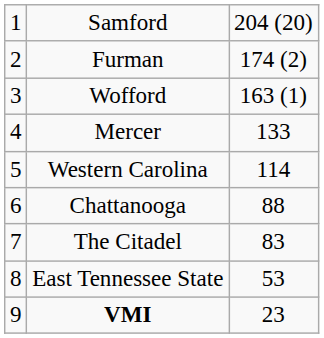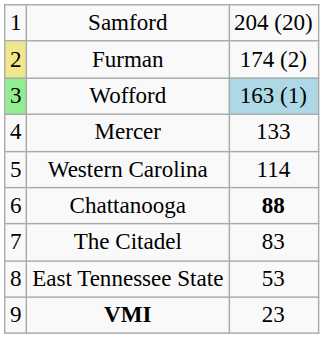 <table class="wikitable" style="display: inline-table;">
 <tr align="center">
 <td>1</td>
 <td>Samford</td>
 <td>204 (20)</td>
 </tr>
 <tr align="center">
-<td>2</td>
+<td style="background: khaki;">2</td>
 <td>Furman</td>
 <td>174 (2)</td>
 </tr>
 <tr align="center">
-<td>3</td>
+<td style="background: lightgreen;">3</td>
 <td>Wofford</td>
-<td>163 (1)</td>
+<td style="background: lightblue;">163 (1)</td>
 </tr>
 <tr align="center">
 <td>4</td>
 <td>Mercer</td>
 <td>133</td>
 </tr>
 <tr align="center">
 <td>5</td>
 <td>Western Carolina</td>
 <td>114</td>
 </tr>
 <tr align="center">
 <td>6</td>
 <td>Chattanooga</td>
-<td>88</td>
+<td><strong>88</strong></td>
 </tr>
 <tr align="center">
 <td>7</td>
 <td>The Citadel</td>
 <td>83</td>
 </tr>
 <tr align="center">
 <td>8</td>
 <td>East Tennessee State</td>
 <td>53</td>
 </tr>
 <tr align="center">
 <td>9</td>
 <td><strong>VMI</strong></td>
 <td>23</td>
 </tr>
 </table>
